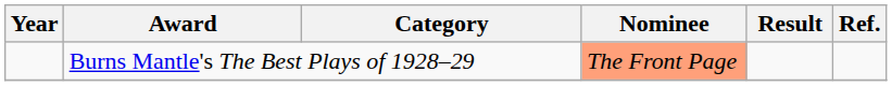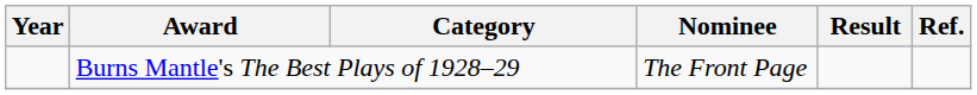 <table class="wikitable" width="95%">
 <tr>
 <th width="5%">Year</th>
 <th width="30%">Award</th>
 <th width="35%">Category</th>
 <th width="20%">Nominee</th>
 <th width="10%">Result</th>
 <th class=unsortable>Ref.</th>
 </tr>
 <tr>
 <td rowspan=1></td>
 <td colspan=2><a href='#'>Burns Mantle</a>'s <em>The Best Plays of 1928–29</em></td>
-<td style="background: lightsalmon;"><em>The Front Page</em></td>
+<td><em>The Front Page</em></td>
 <td></td>
 <td></td>
 </tr>
 <tr>
 </tr>
 </table>
